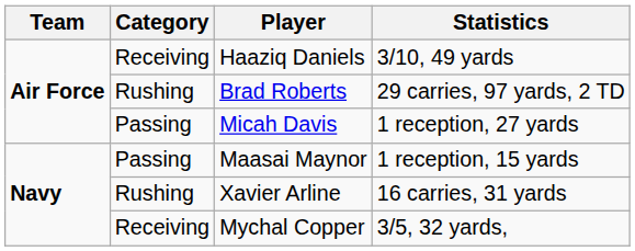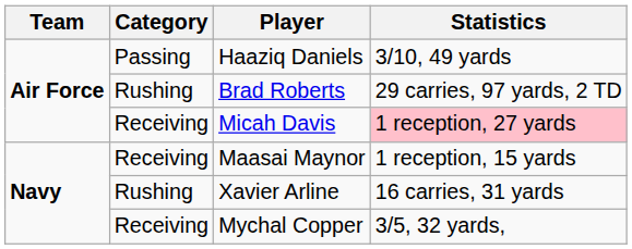 <table class="wikitable" style="float: left;">
 <tr>
 <th>Team</th>
 <th>Category</th>
 <th>Player</th>
 <th>Statistics</th>
 </tr>
 <tr>
 <td rowspan=3><strong>Air Force</strong></td>
-<td>Receiving</td>
+<td>Passing</td>
 <td>Haaziq Daniels</td>
 <td>3/10, 49 yards</td>
 </tr>
 <tr>
 <td>Rushing</td>
 <td><a href='#'>Brad Roberts</a></td>
 <td>29 carries, 97 yards, 2 TD</td>
 </tr>
 <tr>
-<td>Passing</td>
+<td>Receiving</td>
 <td><a href='#'>Micah Davis</a></td>
-<td>1 reception, 27 yards</td>
+<td style="background: pink;">1 reception, 27 yards</td>
 </tr>
 <tr>
 <td rowspan=3><strong>Navy</strong></td>
-<td>Passing</td>
+<td>Receiving</td>
 <td>Maasai Maynor</td>
 <td>1 reception, 15 yards</td>
 </tr>
 <tr>
 <td>Rushing</td>
 <td>Xavier Arline</td>
 <td>16 carries, 31 yards</td>
 </tr>
 <tr>
 <td>Receiving</td>
 <td>Mychal Copper</td>
 <td>3/5, 32 yards,</td>
 </tr>
 </table>
